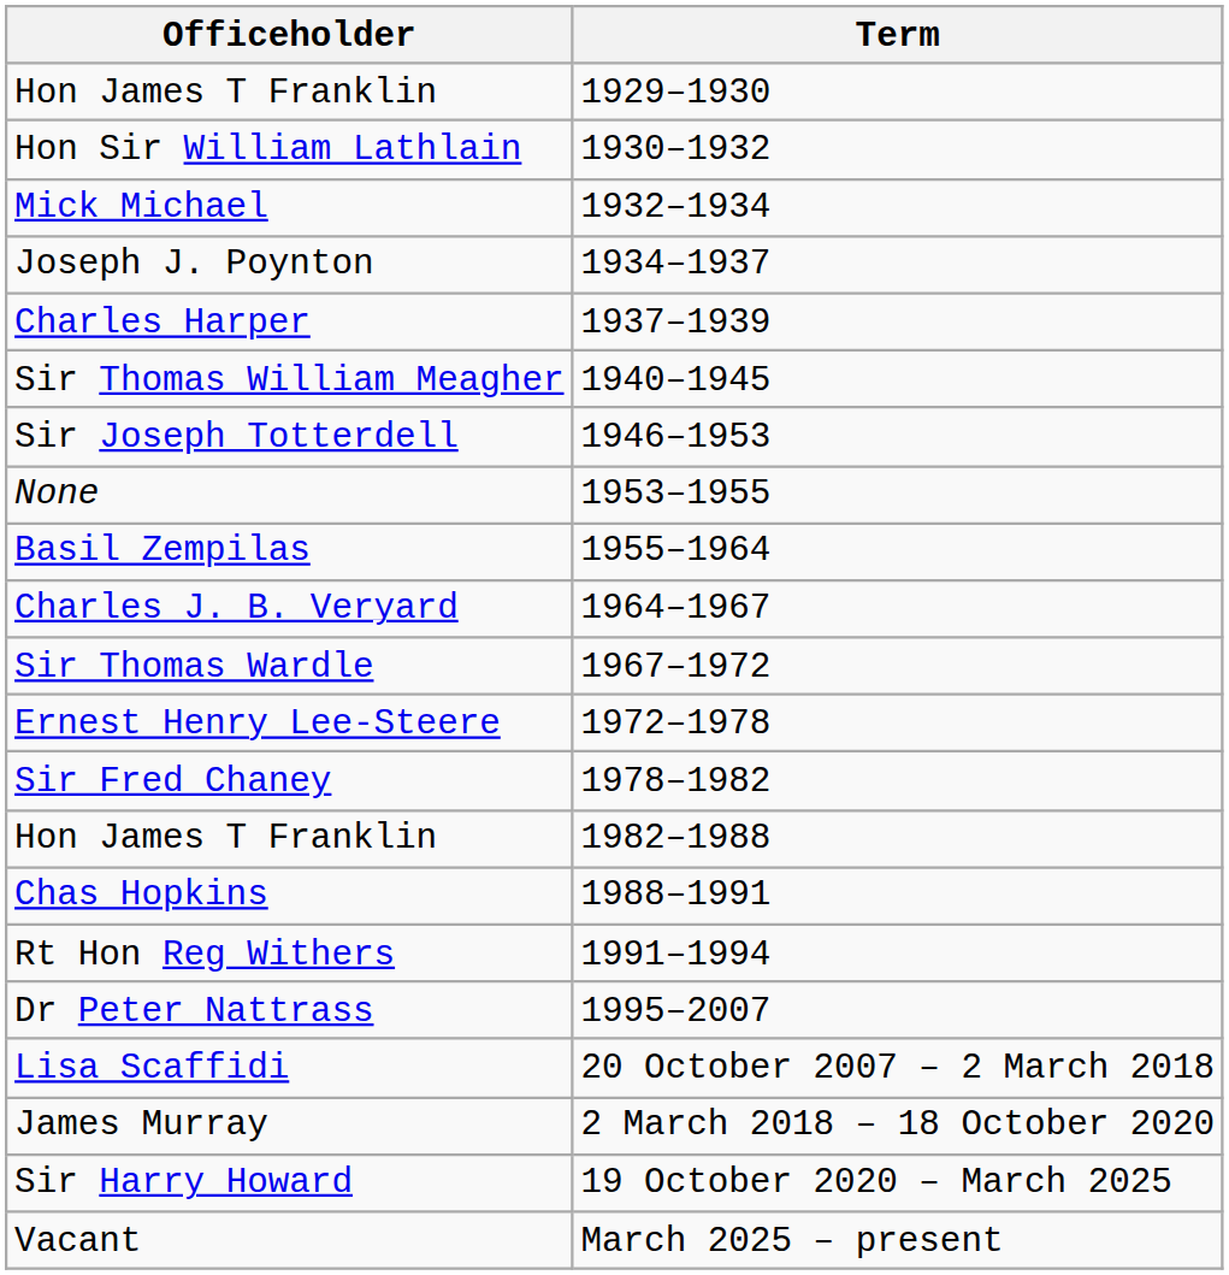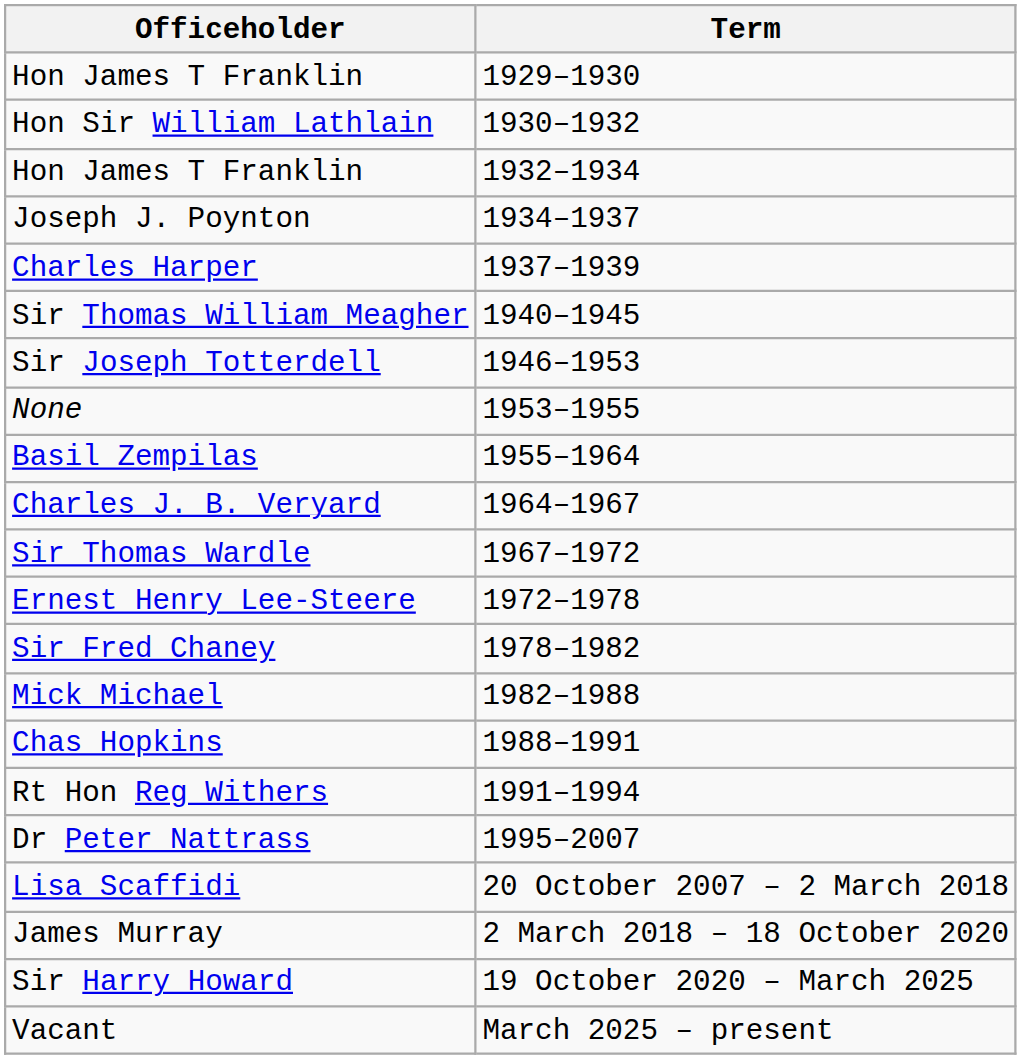 <table class="wikitable">
 <tr>
 <th>Officeholder</th>
 <th>Term</th>
 </tr>
 <tr>
 <td>Hon James T Franklin</td>
 <td>1929–1930</td>
 </tr>
 <tr>
 <td>Hon Sir <a href='#'>William Lathlain</a></td>
 <td>1930–1932</td>
 </tr>
 <tr>
-<td><a href='#'>Mick Michael</a></td>
+<td>Hon James T Franklin</td>
 <td>1932–1934</td>
 </tr>
 <tr>
 <td>Joseph J. Poynton</td>
 <td>1934–1937</td>
 </tr>
 <tr>
 <td><a href='#'>Charles Harper</a></td>
 <td>1937–1939</td>
 </tr>
 <tr>
 <td>Sir <a href='#'>Thomas William Meagher</a></td>
 <td>1940–1945</td>
 </tr>
 <tr>
 <td>Sir <a href='#'>Joseph Totterdell</a></td>
 <td>1946–1953</td>
 </tr>
 <tr>
 <td><em>None</em></td>
 <td>1953–1955</td>
 </tr>
 <tr>
 <td><a href='#'>Basil Zempilas</a></td>
 <td>1955–1964</td>
 </tr>
 <tr>
 <td><a href='#'>Charles J. B. Veryard</a></td>
 <td>1964–1967</td>
 </tr>
 <tr>
 <td><a href='#'>Sir Thomas Wardle</a></td>
 <td>1967–1972</td>
 </tr>
 <tr>
 <td><a href='#'>Ernest Henry Lee-Steere</a></td>
 <td>1972–1978</td>
 </tr>
 <tr>
 <td><a href='#'>Sir Fred Chaney</a></td>
 <td>1978–1982</td>
 </tr>
 <tr>
-<td>Hon James T Franklin</td>
+<td><a href='#'>Mick Michael</a></td>
 <td>1982–1988</td>
 </tr>
 <tr>
 <td><a href='#'>Chas Hopkins</a></td>
 <td>1988–1991</td>
 </tr>
 <tr>
 <td>Rt Hon <a href='#'>Reg Withers</a></td>
 <td>1991–1994</td>
 </tr>
 <tr>
 <td>Dr <a href='#'>Peter Nattrass</a></td>
 <td>1995–2007</td>
 </tr>
 <tr>
 <td><a href='#'>Lisa Scaffidi</a></td>
 <td>20 October 2007 – 2 March 2018</td>
 </tr>
 <tr>
 <td>James Murray</td>
 <td>2 March 2018 – 18 October 2020</td>
 </tr>
 <tr>
 <td>Sir <a href='#'>Harry Howard</a></td>
 <td>19 October 2020 – March 2025</td>
 </tr>
 <tr>
 <td>Vacant</td>
 <td>March 2025 – present</td>
 </tr>
 </table>
